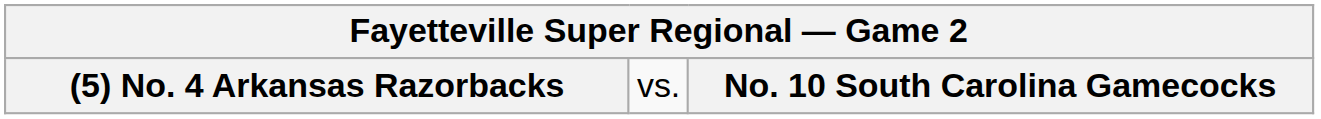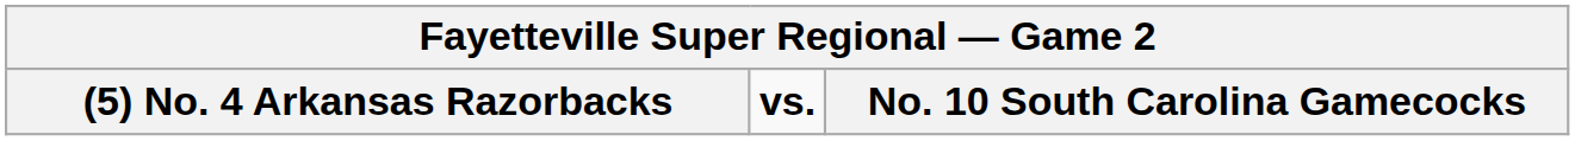 <table class="wikitable">
 <tr>
 <th style="width: 595px;" colspan=3>Fayetteville Super Regional — Game 2</th>
 </tr>
 <tr>
 <th style="width: 287px; ">(5) No. 4 Arkansas Razorbacks</th>
-<td style="width: 20px; text-align:center">vs.</td>
+<td style="width: 20px; text-align:center"><strong>vs.</strong></td>
 <th style="width: 287px; ">No. 10 South Carolina Gamecocks</th>
 </tr>
 </table>
